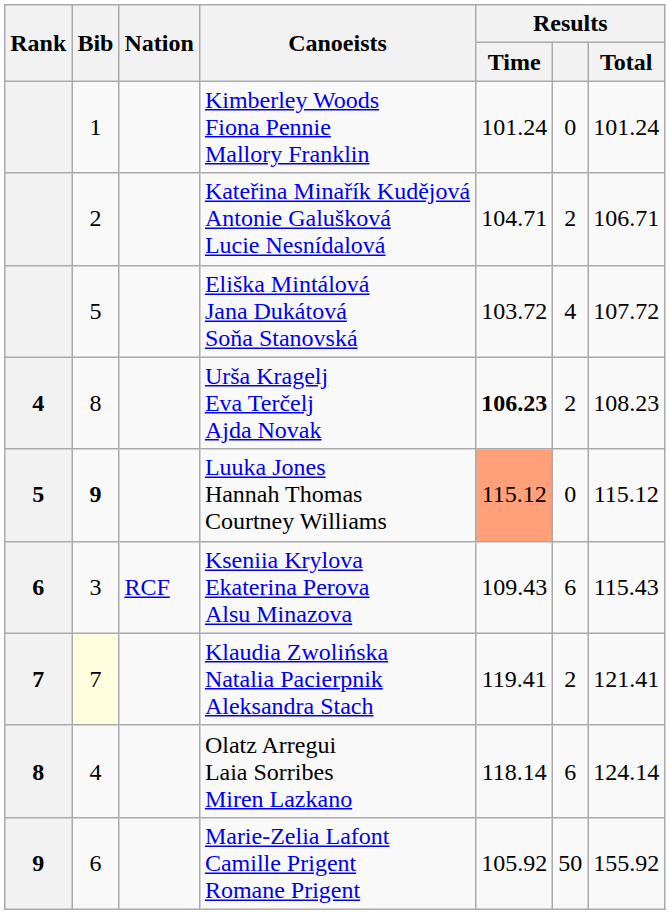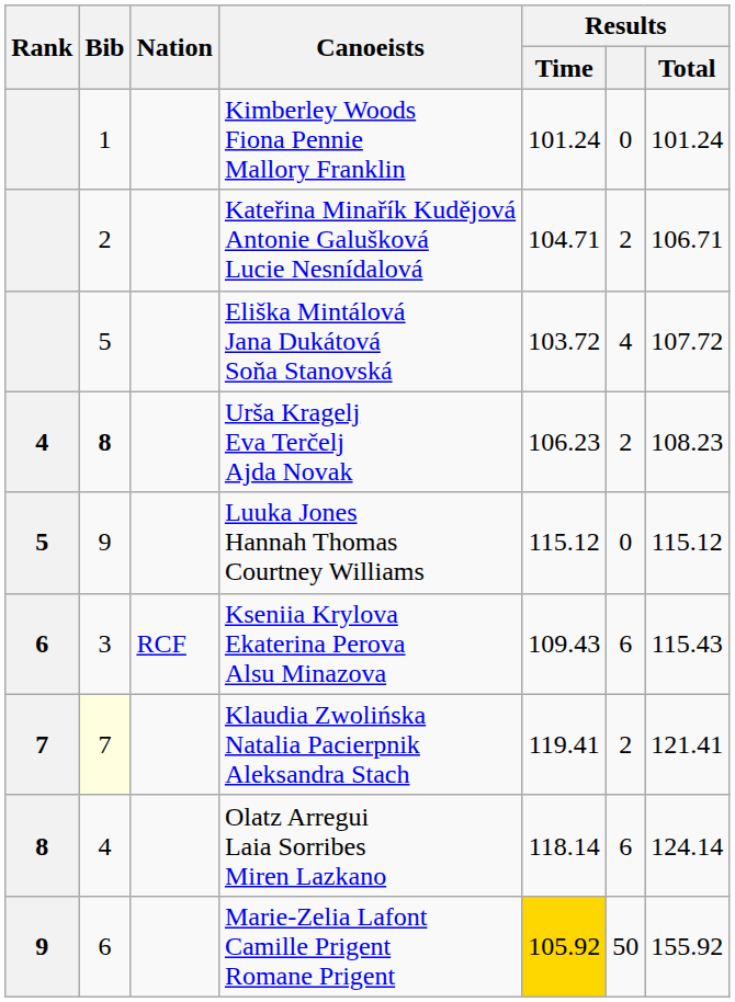 <table class="wikitable" style="text-align:center">
 <tr>
 <th rowspan=2>Rank</th>
 <th rowspan=2>Bib</th>
 <th rowspan=2>Nation</th>
 <th rowspan=2>Canoeists</th>
 <th colspan=3>Results</th>
 </tr>
 <tr>
 <th>Time</th>
 <th></th>
 <th>Total</th>
 </tr>
 <tr>
 <th></th>
 <td>1</td>
 <td align=left></td>
 <td align=left><a href='#'>Kimberley Woods</a><br><a href='#'>Fiona Pennie</a><br><a href='#'>Mallory Franklin</a></td>
 <td>101.24</td>
 <td>0</td>
 <td>101.24</td>
 </tr>
 <tr>
 <th></th>
 <td>2</td>
 <td align=left></td>
 <td align=left><a href='#'>Kateřina Minařík Kudějová</a><br><a href='#'>Antonie Galušková</a><br><a href='#'>Lucie Nesnídalová</a></td>
 <td>104.71</td>
 <td>2</td>
 <td>106.71</td>
 </tr>
 <tr>
 <th></th>
 <td>5</td>
 <td align=left></td>
 <td align=left><a href='#'>Eliška Mintálová</a><br><a href='#'>Jana Dukátová</a><br><a href='#'>Soňa Stanovská</a></td>
 <td>103.72</td>
 <td>4</td>
 <td>107.72</td>
 </tr>
 <tr>
 <th>4</th>
-<td>8</td>
+<td><strong>8</strong></td>
 <td align=left></td>
 <td align=left><a href='#'>Urša Kragelj</a><br><a href='#'>Eva Terčelj</a><br><a href='#'>Ajda Novak</a></td>
-<td><strong>106.23</strong></td>
+<td>106.23</td>
 <td>2</td>
 <td>108.23</td>
 </tr>
 <tr>
 <th>5</th>
-<td><strong>9</strong></td>
+<td>9</td>
 <td align=left></td>
 <td align=left><a href='#'>Luuka Jones</a><br>Hannah Thomas<br>Courtney Williams</td>
-<td style="background: lightsalmon;">115.12</td>
+<td>115.12</td>
 <td>0</td>
 <td>115.12</td>
 </tr>
 <tr>
 <th>6</th>
 <td>3</td>
 <td align=left> <a href='#'>RCF</a></td>
 <td align=left><a href='#'>Kseniia Krylova</a><br><a href='#'>Ekaterina Perova</a><br><a href='#'>Alsu Minazova</a></td>
 <td>109.43</td>
 <td>6</td>
 <td>115.43</td>
 </tr>
 <tr>
 <th>7</th>
 <td style="background: lightyellow;">7</td>
 <td align=left></td>
 <td align=left><a href='#'>Klaudia Zwolińska</a><br><a href='#'>Natalia Pacierpnik</a><br><a href='#'>Aleksandra Stach</a></td>
 <td>119.41</td>
 <td>2</td>
 <td>121.41</td>
 </tr>
 <tr>
 <th>8</th>
 <td>4</td>
 <td align=left></td>
 <td align=left>Olatz Arregui<br>Laia Sorribes<br><a href='#'>Miren Lazkano</a></td>
 <td>118.14</td>
 <td>6</td>
 <td>124.14</td>
 </tr>
 <tr>
 <th>9</th>
 <td>6</td>
 <td align=left></td>
 <td align=left><a href='#'>Marie-Zelia Lafont</a><br><a href='#'>Camille Prigent</a><br><a href='#'>Romane Prigent</a></td>
-<td>105.92</td>
+<td style="background: gold;">105.92</td>
 <td>50</td>
 <td>155.92</td>
 </tr>
 </table>
